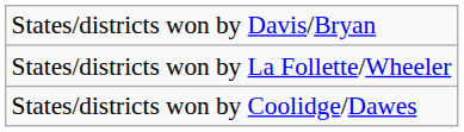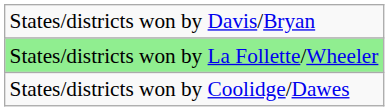 <table class="wikitable">
 <tr>
 <td>States/districts won by <a href='#'>Davis</a>/<a href='#'>Bryan</a></td>
 </tr>
 <tr>
-<td>States/districts won by <a href='#'>La Follette</a>/<a href='#'>Wheeler</a></td>
+<td style="background: lightgreen;">States/districts won by <a href='#'>La Follette</a>/<a href='#'>Wheeler</a></td>
 </tr>
 <tr>
 <td>States/districts won by <a href='#'>Coolidge</a>/<a href='#'>Dawes</a></td>
 </tr>
 </table>
